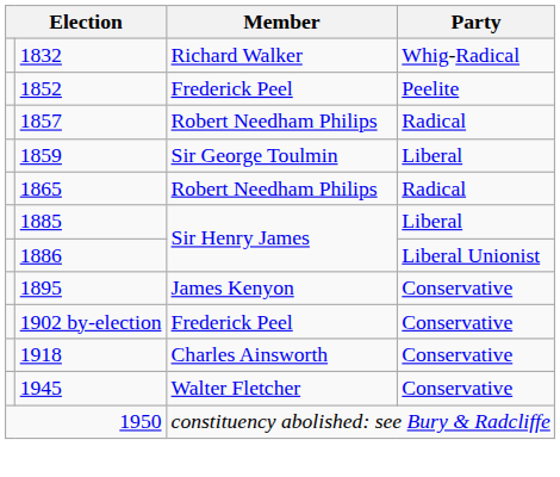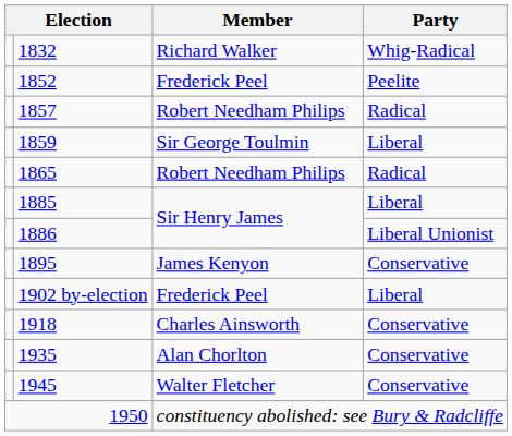 <table class="wikitable">
 <tr>
 <th colspan="2">Election</th>
 <th>Member </th>
 <th>Party</th>
 </tr>
 <tr>
 <td style="color:inherit;background-color: "></td>
 <td><a href='#'>1832</a></td>
 <td><a href='#'>Richard Walker</a></td>
 <td><a href='#'>Whig</a>-<a href='#'>Radical</a></td>
 </tr>
 <tr>
 <td style="color:inherit;background-color: "></td>
 <td><a href='#'>1852</a></td>
 <td><a href='#'>Frederick Peel</a></td>
 <td><a href='#'>Peelite</a></td>
 </tr>
 <tr>
 <td style="color:inherit;background-color: "></td>
 <td><a href='#'>1857</a></td>
 <td><a href='#'>Robert Needham Philips</a></td>
 <td><a href='#'>Radical</a></td>
 </tr>
 <tr>
 <td style="color:inherit;background-color: "></td>
 <td><a href='#'>1859</a></td>
 <td><a href='#'>Sir George Toulmin</a></td>
 <td><a href='#'>Liberal</a></td>
 </tr>
 <tr>
 <td style="color:inherit;background-color: "></td>
 <td><a href='#'>1865</a></td>
 <td><a href='#'>Robert Needham Philips</a></td>
 <td><a href='#'>Radical</a></td>
 </tr>
 <tr>
 <td style="color:inherit;background-color: "></td>
 <td><a href='#'>1885</a></td>
 <td rowspan="2"><a href='#'>Sir Henry James</a></td>
 <td><a href='#'>Liberal</a></td>
 </tr>
 <tr>
 <td style="color:inherit;background-color: "></td>
 <td><a href='#'>1886</a></td>
 <td><a href='#'>Liberal Unionist</a></td>
 </tr>
 <tr>
 <td style="color:inherit;background-color: "></td>
 <td><a href='#'>1895</a></td>
 <td><a href='#'>James Kenyon</a></td>
 <td><a href='#'>Conservative</a></td>
 </tr>
 <tr>
 <td style="color:inherit;background-color: "></td>
 <td><a href='#'>1902 by-election</a></td>
 <td><a href='#'>Frederick Peel</a></td>
-<td><a href='#'>Conservative</a></td>
+<td><a href='#'>Liberal</a></td>
 </tr>
 <tr>
 <td style="color:inherit;background-color: "></td>
 <td><a href='#'>1918</a></td>
 <td><a href='#'>Charles Ainsworth</a></td>
+<td><a href='#'>Conservative</a></td>
+</tr>
+<tr>
+<td style="color:inherit;background-color: "></td>
+<td><a href='#'>1935</a></td>
+<td><a href='#'>Alan Chorlton</a></td>
 <td><a href='#'>Conservative</a></td>
 </tr>
 <tr>
 <td style="color:inherit;background-color: "></td>
 <td><a href='#'>1945</a></td>
 <td><a href='#'>Walter Fletcher</a></td>
 <td><a href='#'>Conservative</a></td>
 </tr>
 <tr>
 <td colspan="2" align="right"><a href='#'>1950</a></td>
 <td colspan="2"><em>constituency abolished: see <a href='#'>Bury & Radcliffe</a></em></td>
 </tr>
 </table>
